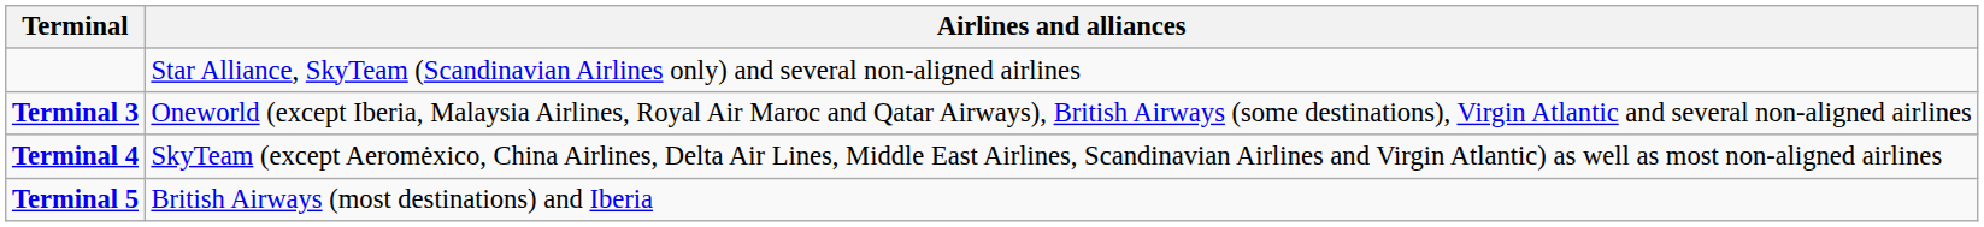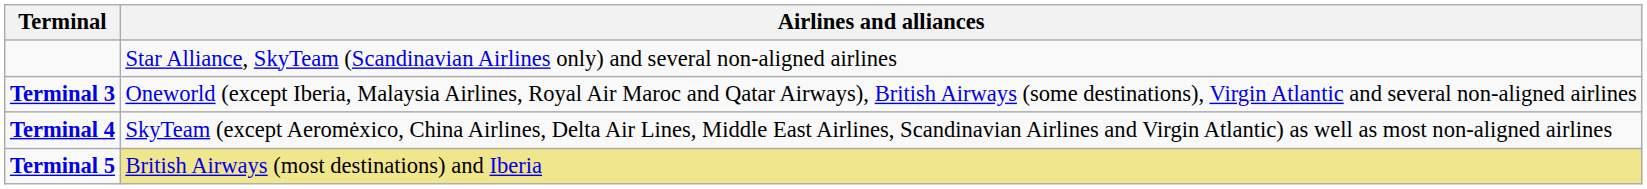 <table class="wikitable">
 <tr>
 <th>Terminal</th>
 <th>Airlines and alliances</th>
 </tr>
 <tr>
 <td><strong></strong></td>
 <td><a href='#'>Star Alliance</a>, <a href='#'>SkyTeam</a> (<a href='#'>Scandinavian Airlines</a> only) and several non-aligned airlines</td>
 </tr>
 <tr>
 <td><strong><a href='#'>Terminal 3</a></strong></td>
 <td><a href='#'>Oneworld</a> (except Iberia, Malaysia Airlines, Royal Air Maroc and Qatar Airways), <a href='#'>British Airways</a> (some destinations), <a href='#'>Virgin Atlantic</a> and several non-aligned airlines</td>
 </tr>
 <tr>
 <td><strong><a href='#'>Terminal 4</a></strong></td>
 <td><a href='#'>SkyTeam</a> (except Aeromėxico, China Airlines, Delta Air Lines, Middle East Airlines, Scandinavian Airlines and Virgin Atlantic) as well as most non-aligned airlines</td>
 </tr>
 <tr>
 <td><strong><a href='#'>Terminal 5</a></strong></td>
-<td><a href='#'>British Airways</a> (most destinations) and <a href='#'>Iberia</a></td>
+<td style="background: khaki;"><a href='#'>British Airways</a> (most destinations) and <a href='#'>Iberia</a></td>
 </tr>
 </table>
